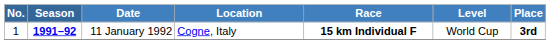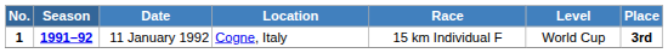 <table class="wikitable sortable" style="font-size:95%; text-align:center; border:grey solid 1px; border-collapse:collapse; background:#ffffff;">
 <tr style="background:#efefef;">
 <th style="background-color:#369; color:white;">No.</th>
 <th style="background-color:#369; color:white;">Season</th>
 <th style="background-color:#4180be; color:white; width:120px;">Date</th>
 <th style="background-color:#4180be; color:white; width:170px;">Location</th>
 <th style="background-color:#4180be; color:white; width:170px;">Race</th>
 <th style="background-color:#4180be; color:white; width:100px;">Level</th>
 <th style="background-color:#4180be; color:white;">Place</th>
 </tr>
 <tr>
-<td align=center>1</td>
+<td align=center><strong>1</strong></td>
 <td rowspan=1 align=center><strong> <a href='#'>1991–92</a> </strong></td>
 <td align=right>11 January 1992</td>
 <td align=left> <a href='#'>Cogne</a>, Italy</td>
-<td><strong>15 km Individual F</strong></td>
+<td>15 km Individual F</td>
 <td>World Cup</td>
 <td><strong>3rd</strong></td>
 </tr>
 <tr>
 </tr>
 </table>
